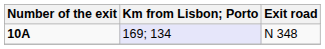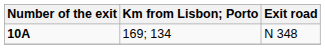 <table class="wikitable">
 <tr>
 <th>Number of the exit</th>
 <th>Km from Lisbon; Porto</th>
 <th>Exit road</th>
 </tr>
 <tr>
 <td><strong>10A</strong></td>
-<td style="background: lavender;">169; 134</td>
+<td>169; 134</td>
 <td>N 348</td>
 </tr>
 <tr>
 </tr>
 </table>
